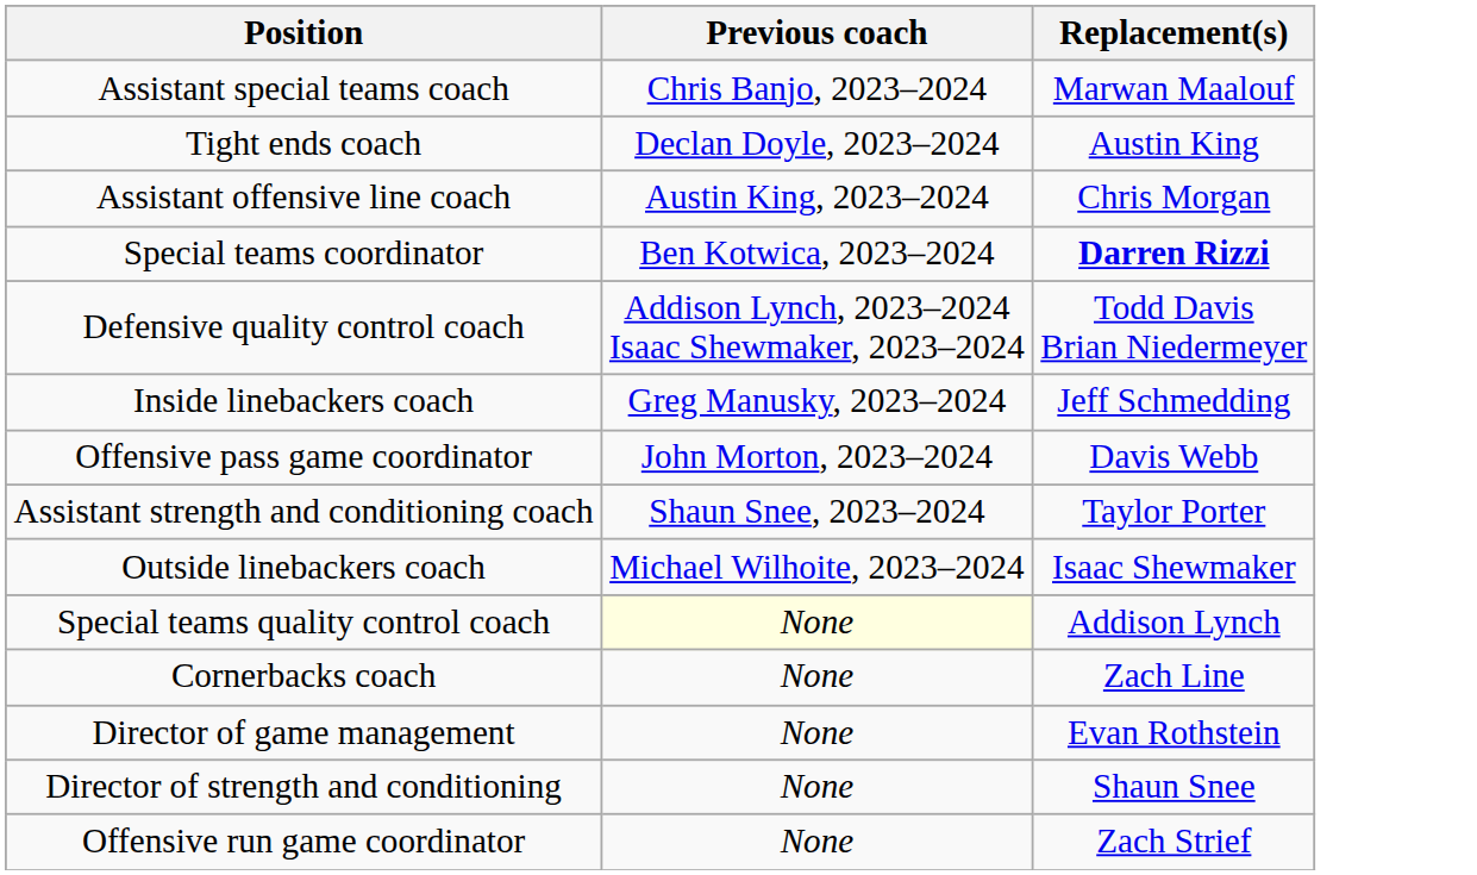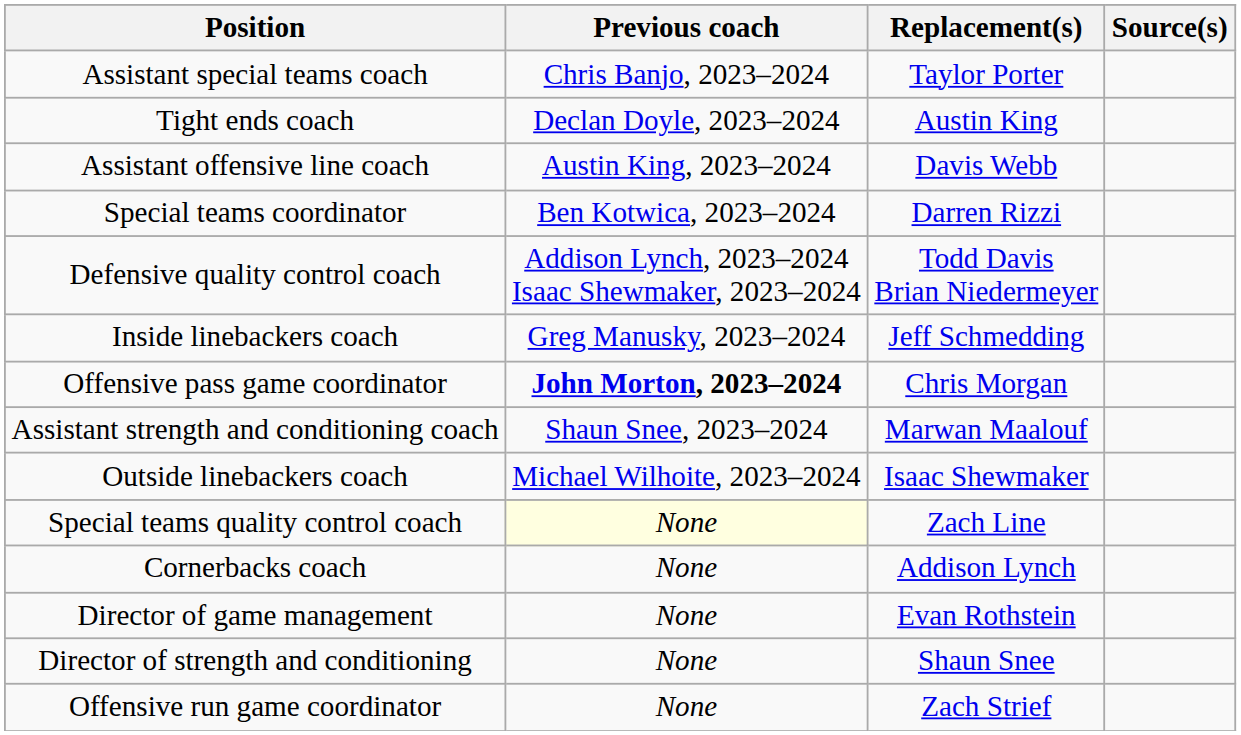 <table class="wikitable" style="text-align:center">
 <tr>
 <th>Position</th>
 <th>Previous coach</th>
 <th>Replacement(s)</th>
+<th>Source(s)</th>
 </tr>
 <tr>
 <td>Assistant special teams coach</td>
 <td><a href='#'>Chris Banjo</a>, 2023–2024</td>
-<td><a href='#'>Marwan Maalouf</a></td>
+<td><a href='#'>Taylor Porter</a></td>
+<td></td>
 </tr>
 <tr>
 <td>Tight ends coach</td>
 <td><a href='#'>Declan Doyle</a>, 2023–2024</td>
 <td><a href='#'>Austin King</a></td>
+<td></td>
 </tr>
 <tr>
 <td>Assistant offensive line coach</td>
 <td><a href='#'>Austin King</a>, 2023–2024</td>
-<td><a href='#'>Chris Morgan</a></td>
+<td><a href='#'>Davis Webb</a></td>
+<td></td>
 </tr>
 <tr>
 <td>Special teams coordinator</td>
 <td><a href='#'>Ben Kotwica</a>, 2023–2024</td>
-<td><strong><a href='#'>Darren Rizzi</a></strong></td>
+<td><a href='#'>Darren Rizzi</a></td>
+<td></td>
 </tr>
 <tr>
 <td>Defensive quality control coach</td>
 <td><a href='#'>Addison Lynch</a>, 2023–2024<br><a href='#'>Isaac Shewmaker</a>, 2023–2024</td>
 <td><a href='#'>Todd Davis</a><br><a href='#'>Brian Niedermeyer</a></td>
+<td></td>
 </tr>
 <tr>
 <td>Inside linebackers coach</td>
 <td><a href='#'>Greg Manusky</a>, 2023–2024</td>
 <td><a href='#'>Jeff Schmedding</a></td>
+<td></td>
 </tr>
 <tr>
 <td>Offensive pass game coordinator</td>
-<td><a href='#'>John Morton</a>, 2023–2024</td>
-<td><a href='#'>Davis Webb</a></td>
+<td><strong><a href='#'>John Morton</a>, 2023–2024</strong></td>
+<td><a href='#'>Chris Morgan</a></td>
+<td></td>
 </tr>
 <tr>
 <td>Assistant strength and conditioning coach</td>
 <td><a href='#'>Shaun Snee</a>, 2023–2024</td>
-<td><a href='#'>Taylor Porter</a></td>
+<td><a href='#'>Marwan Maalouf</a></td>
+<td></td>
 </tr>
 <tr>
 <td>Outside linebackers coach</td>
 <td><a href='#'>Michael Wilhoite</a>, 2023–2024</td>
 <td><a href='#'>Isaac Shewmaker</a></td>
+<td></td>
 </tr>
 <tr>
 <td>Special teams quality control coach</td>
 <td style="background: lightyellow;"><em>None</em></td>
-<td><a href='#'>Addison Lynch</a></td>
+<td><a href='#'>Zach Line</a></td>
+<td></td>
 </tr>
 <tr>
 <td>Cornerbacks coach</td>
 <td><em>None</em></td>
-<td><a href='#'>Zach Line</a></td>
+<td><a href='#'>Addison Lynch</a></td>
+<td></td>
 </tr>
 <tr>
 <td>Director of game management</td>
 <td><em>None</em></td>
 <td><a href='#'>Evan Rothstein</a></td>
+<td></td>
 </tr>
 <tr>
 <td>Director of strength and conditioning</td>
 <td><em>None</em></td>
 <td><a href='#'>Shaun Snee</a></td>
+<td></td>
 </tr>
 <tr>
 <td>Offensive run game coordinator</td>
 <td><em>None</em></td>
 <td><a href='#'>Zach Strief</a></td>
+<td></td>
 </tr>
 </table>
